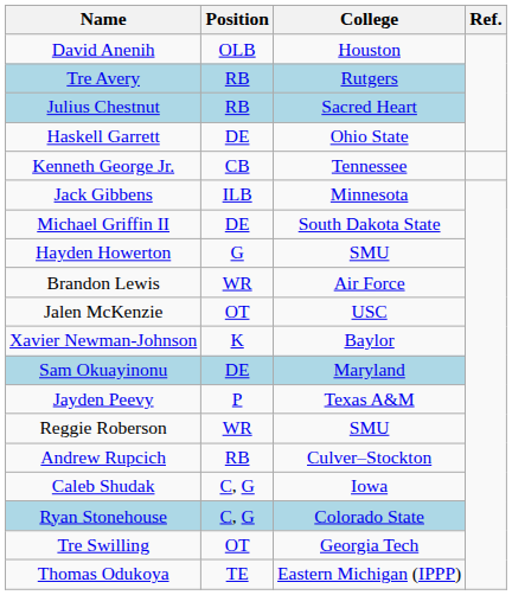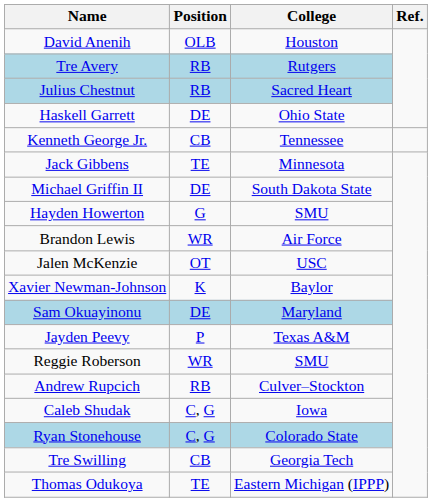 <table class="wikitable" style="text-align:center">
 <tr>
 <th>Name</th>
 <th>Position</th>
 <th>College</th>
 <th>Ref.</th>
 </tr>
 <tr>
 <td><a href='#'>David Anenih</a></td>
 <td><a href='#'>OLB</a></td>
 <td><a href='#'>Houston</a></td>
 <td rowspan = 4></td>
 </tr>
 <tr | style="background:#ADD8E6">
 <td><a href='#'>Tre Avery</a></td>
 <td><a href='#'>RB</a></td>
 <td><a href='#'>Rutgers</a></td>
 </tr>
 <tr | style="background:#ADD8E6">
 <td><a href='#'>Julius Chestnut</a></td>
 <td><a href='#'>RB</a></td>
 <td><a href='#'>Sacred Heart</a></td>
 </tr>
 <tr>
 <td><a href='#'>Haskell Garrett</a></td>
 <td><a href='#'>DE</a></td>
 <td><a href='#'>Ohio State</a></td>
 </tr>
 <tr>
 <td><a href='#'>Kenneth George Jr.</a></td>
 <td><a href='#'>CB</a></td>
 <td><a href='#'>Tennessee</a></td>
 <td></td>
 </tr>
 <tr>
 <td><a href='#'>Jack Gibbens</a></td>
-<td><a href='#'>ILB</a></td>
+<td><a href='#'>TE</a></td>
 <td><a href='#'>Minnesota</a></td>
 <td rowspan = 14></td>
 </tr>
 <tr>
 <td><a href='#'>Michael Griffin II</a></td>
 <td><a href='#'>DE</a></td>
 <td><a href='#'>South Dakota State</a></td>
 </tr>
 <tr>
 <td><a href='#'>Hayden Howerton</a></td>
 <td><a href='#'>G</a></td>
 <td><a href='#'>SMU</a></td>
 </tr>
 <tr>
 <td>Brandon Lewis</td>
 <td><a href='#'>WR</a></td>
 <td><a href='#'>Air Force</a></td>
 </tr>
 <tr>
 <td>Jalen McKenzie</td>
 <td><a href='#'>OT</a></td>
 <td><a href='#'>USC</a></td>
 </tr>
 <tr>
 <td><a href='#'>Xavier Newman-Johnson</a></td>
 <td><a href='#'>K</a></td>
 <td><a href='#'>Baylor</a></td>
 </tr>
 <tr | style="background:#ADD8E6">
 <td><a href='#'>Sam Okuayinonu</a></td>
 <td><a href='#'>DE</a></td>
 <td><a href='#'>Maryland</a></td>
 </tr>
 <tr>
 <td><a href='#'>Jayden Peevy</a></td>
 <td><a href='#'>P</a></td>
 <td><a href='#'>Texas A&M</a></td>
 </tr>
 <tr>
 <td>Reggie Roberson</td>
 <td><a href='#'>WR</a></td>
 <td><a href='#'>SMU</a></td>
 </tr>
 <tr>
 <td><a href='#'>Andrew Rupcich</a></td>
 <td><a href='#'>RB</a></td>
 <td><a href='#'>Culver–Stockton</a></td>
 </tr>
 <tr>
 <td><a href='#'>Caleb Shudak</a></td>
 <td><a href='#'>C</a>, <a href='#'>G</a></td>
 <td><a href='#'>Iowa</a></td>
 </tr>
 <tr | style="background:#ADD8E6">
 <td><a href='#'>Ryan Stonehouse</a></td>
 <td><a href='#'>C</a>, <a href='#'>G</a></td>
 <td><a href='#'>Colorado State</a></td>
 </tr>
 <tr>
 <td><a href='#'>Tre Swilling</a></td>
-<td><a href='#'>OT</a></td>
+<td><a href='#'>CB</a></td>
 <td><a href='#'>Georgia Tech</a></td>
 </tr>
 <tr>
 <td><a href='#'>Thomas Odukoya</a></td>
 <td><a href='#'>TE</a></td>
 <td><a href='#'>Eastern Michigan</a> (<a href='#'>IPPP</a>)</td>
 </tr>
 </table>
